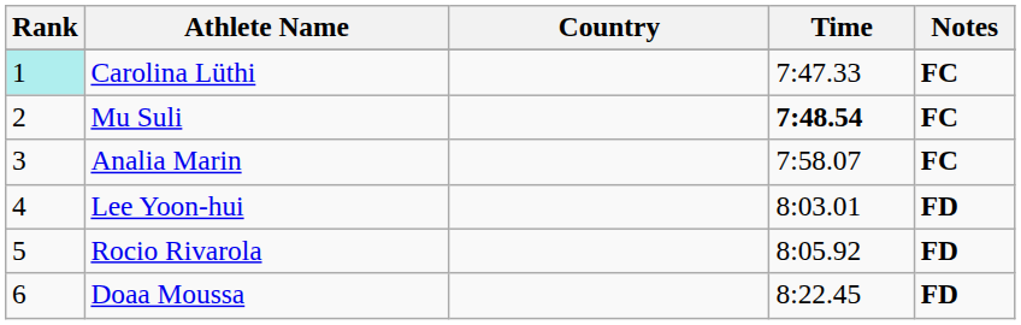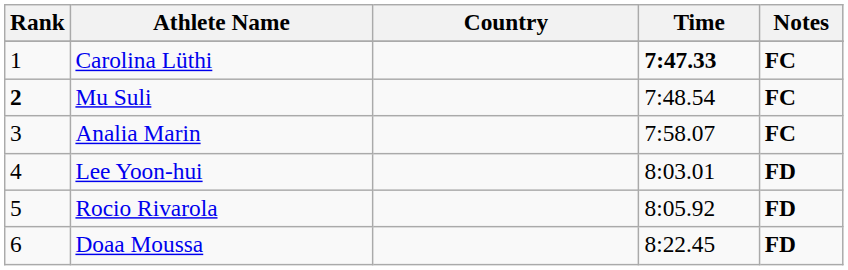 <table class="wikitable sortable">
 <tr>
 <th width=25>Rank</th>
 <th width=200>Athlete Name</th>
 <th width=175>Country</th>
 <th width=75>Time</th>
 <th width=50>Notes</th>
 </tr>
 <tr>
 </tr>
 <tr>
-<td style="background: paleturquoise;">1</td>
+<td>1</td>
 <td><a href='#'>Carolina Lüthi</a></td>
 <td></td>
-<td>7:47.33</td>
+<td><strong>7:47.33</strong></td>
 <td><strong>FC</strong></td>
 </tr>
 <tr>
-<td>2</td>
+<td><strong>2</strong></td>
 <td><a href='#'>Mu Suli</a></td>
 <td></td>
-<td><strong>7:48.54</strong></td>
+<td>7:48.54</td>
 <td><strong>FC</strong></td>
 </tr>
 <tr>
 <td>3</td>
 <td><a href='#'>Analia Marin</a></td>
 <td></td>
 <td>7:58.07</td>
 <td><strong>FC</strong></td>
 </tr>
 <tr>
 <td>4</td>
 <td><a href='#'>Lee Yoon-hui</a></td>
 <td></td>
 <td>8:03.01</td>
 <td><strong>FD</strong></td>
 </tr>
 <tr>
 <td>5</td>
 <td><a href='#'>Rocio Rivarola</a></td>
 <td></td>
 <td>8:05.92</td>
 <td><strong>FD</strong></td>
 </tr>
 <tr>
 <td>6</td>
 <td><a href='#'>Doaa Moussa</a></td>
 <td></td>
 <td>8:22.45</td>
 <td><strong>FD</strong></td>
 </tr>
 </table>
